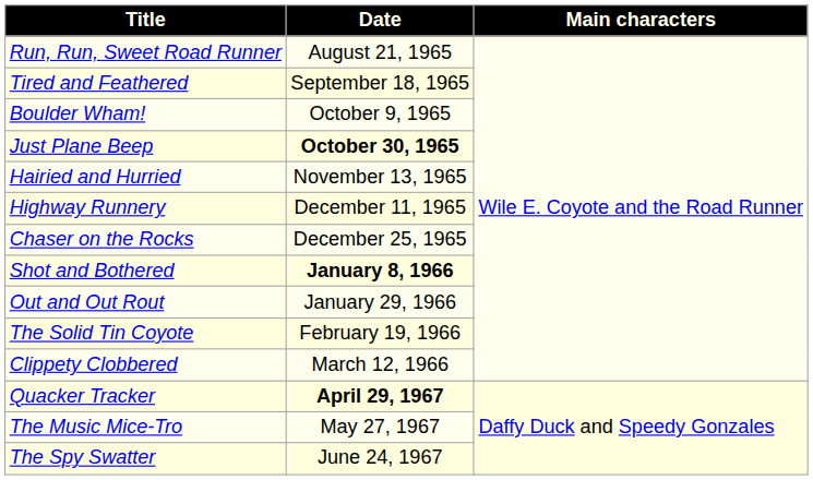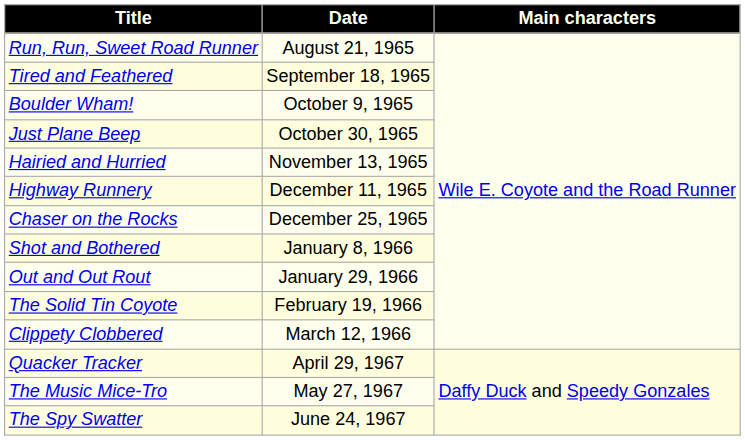 <table class=wikitable style="background:#FFFFEE">
 <tr style="color:#FFFFEE">
 <th scope="col" style="background:#000000">Title</th>
 <th scope="col" style="background:#000000">Date</th>
 <th scope="col" style="background:#000000">Main characters</th>
 </tr>
 <tr>
 <td scope="row"><em><a href='#'>Run, Run, Sweet Road Runner</a></em></td>
 <td align=center>August 21, 1965</td>
 <td rowspan=11><a href='#'>Wile E. Coyote and the Road Runner</a></td>
 </tr>
 <tr bgcolor="FFFFDE">
 <td scope="row"><em><a href='#'>Tired and Feathered</a></em></td>
 <td align=center>September 18, 1965</td>
 </tr>
 <tr>
 <td scope="row"><em><a href='#'>Boulder Wham!</a></em></td>
 <td align=center>October 9, 1965</td>
 </tr>
 <tr bgcolor="FFFFDE">
 <td scope="row"><em><a href='#'>Just Plane Beep</a></em></td>
-<td align=center><strong>October 30, 1965</strong></td>
+<td align=center>October 30, 1965</td>
 </tr>
 <tr>
 <td scope="row"><em><a href='#'>Hairied and Hurried</a></em></td>
 <td align=center>November 13, 1965</td>
 </tr>
 <tr bgcolor="FFFFDE">
 <td scope="row"><em><a href='#'>Highway Runnery</a></em></td>
 <td align=center>December 11, 1965</td>
 </tr>
 <tr>
 <td scope="row"><em><a href='#'>Chaser on the Rocks</a></em></td>
 <td align=center>December 25, 1965</td>
 </tr>
 <tr bgcolor="FFFFDE">
 <td scope="row"><em><a href='#'>Shot and Bothered</a></em></td>
-<td align=center><strong>January 8, 1966</strong></td>
+<td align=center>January 8, 1966</td>
 </tr>
 <tr>
 <td scope="row"><em><a href='#'>Out and Out Rout</a></em></td>
 <td align=center>January 29, 1966</td>
 </tr>
 <tr bgcolor="FFFFDE">
 <td scope="row"><em><a href='#'>The Solid Tin Coyote</a></em></td>
 <td align=center>February 19, 1966</td>
 </tr>
 <tr>
 <td scope="row"><em><a href='#'>Clippety Clobbered</a></em></td>
 <td align=center>March 12, 1966</td>
 </tr>
 <tr bgcolor="FFFFDE">
 <td scope="row"><em><a href='#'>Quacker Tracker</a></em></td>
-<td align=center><strong>April 29, 1967</strong></td>
+<td align=center>April 29, 1967</td>
 <td rowspan=3><a href='#'>Daffy Duck</a> and <a href='#'>Speedy Gonzales</a></td>
 </tr>
 <tr>
 <td scope="row"><em><a href='#'>The Music Mice-Tro</a></em></td>
 <td align=center>May 27, 1967</td>
 </tr>
 <tr bgcolor="FFFFDE">
 <td scope="row"><em><a href='#'>The Spy Swatter</a></em></td>
 <td align=center>June 24, 1967</td>
 </tr>
 </table>
